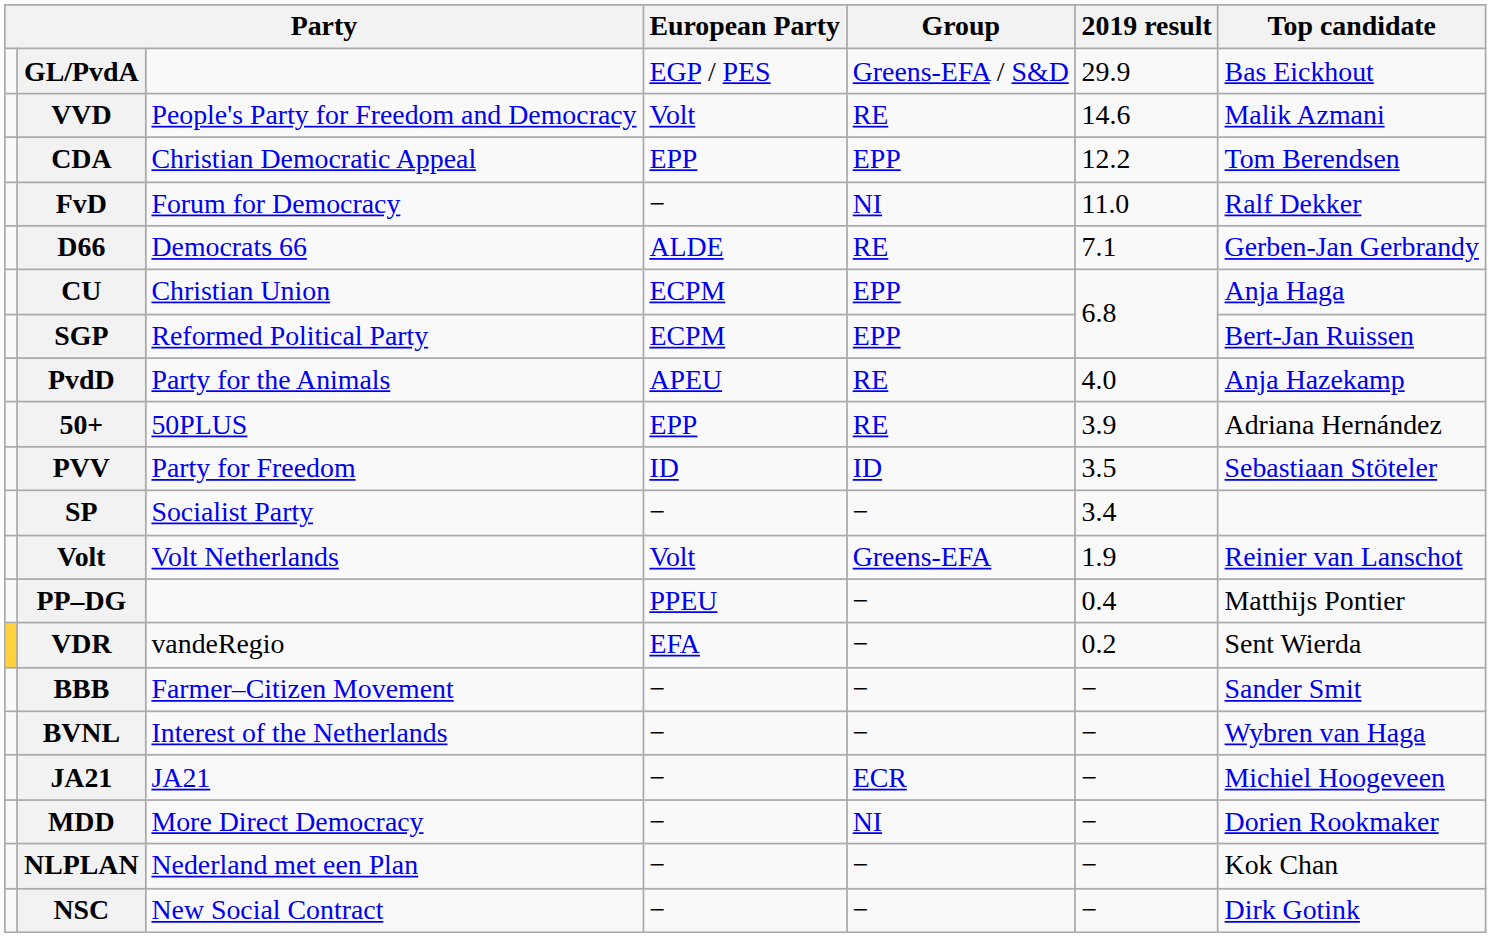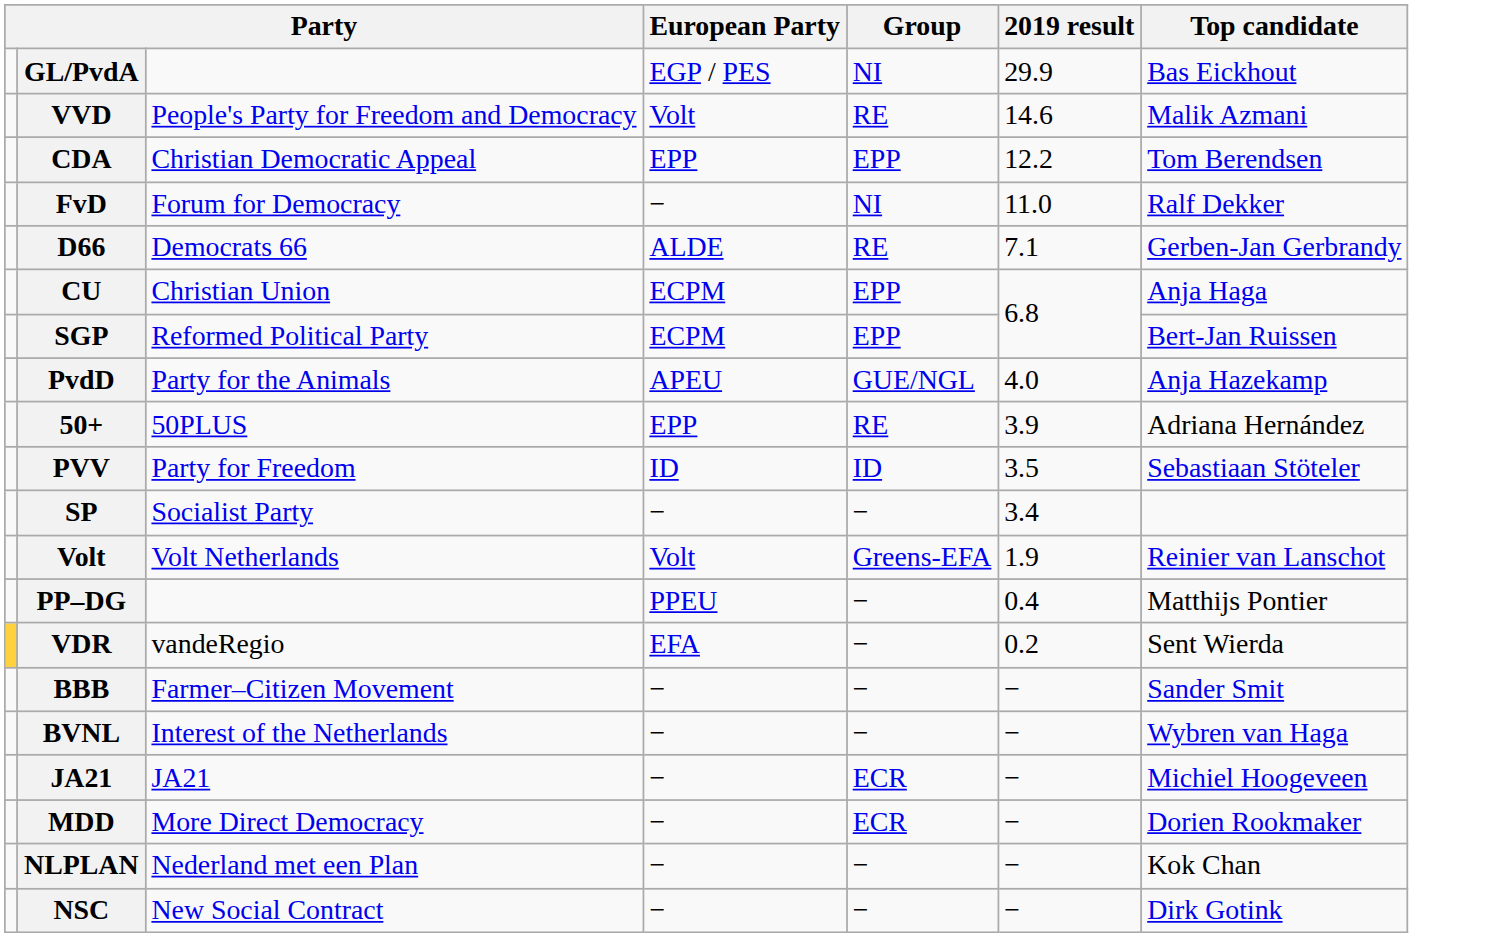 <table class="wikitable">
 <tr>
 <th scope="colgroup" colspan="3">Party</th>
 <th scope="col">European Party</th>
 <th scope="col">Group</th>
 <th scope="col">2019 result</th>
 <th scope="col">Top candidate</th>
 </tr>
 <tr>
 <td style="background:"></td>
 <th scope="row">GL/PvdA</th>
 <td></td>
 <td><a href='#'>EGP</a> / <a href='#'>PES</a></td>
-<td><a href='#'>Greens-EFA</a> / <a href='#'>S&D</a></td>
+<td><a href='#'>NI</a></td>
 <td>29.9</td>
 <td><a href='#'>Bas Eickhout</a></td>
 </tr>
 <tr>
 <td style="background:"></td>
 <th scope="row">VVD</th>
 <td><a href='#'>People's Party for Freedom and Democracy</a></td>
 <td><a href='#'>Volt</a></td>
 <td><a href='#'>RE</a></td>
 <td>14.6</td>
 <td><a href='#'>Malik Azmani</a></td>
 </tr>
 <tr>
 <td style="background:"></td>
 <th scope="row">CDA</th>
 <td><a href='#'>Christian Democratic Appeal</a></td>
 <td><a href='#'>EPP</a></td>
 <td><a href='#'>EPP</a></td>
 <td>12.2</td>
 <td><a href='#'>Tom Berendsen</a></td>
 </tr>
 <tr>
 <td style="background:"></td>
 <th scope="row">FvD</th>
 <td><a href='#'>Forum for Democracy</a></td>
 <td>−</td>
 <td><a href='#'>NI</a></td>
 <td>11.0</td>
 <td><a href='#'>Ralf Dekker</a></td>
 </tr>
 <tr>
 <td style="background:"></td>
 <th scope="row">D66</th>
 <td><a href='#'>Democrats 66</a></td>
 <td><a href='#'>ALDE</a></td>
 <td><a href='#'>RE</a></td>
 <td>7.1</td>
 <td><a href='#'>Gerben-Jan Gerbrandy</a></td>
 </tr>
 <tr>
 <td style="background:"></td>
 <th scope="row">CU</th>
 <td><a href='#'>Christian Union</a></td>
 <td><a href='#'>ECPM</a></td>
 <td><a href='#'>EPP</a></td>
 <td rowspan=2>6.8</td>
 <td><a href='#'>Anja Haga</a></td>
 </tr>
 <tr>
 <td style="background:"></td>
 <th scope="row">SGP</th>
 <td><a href='#'>Reformed Political Party</a></td>
 <td><a href='#'>ECPM</a></td>
 <td><a href='#'>EPP</a></td>
 <td><a href='#'>Bert-Jan Ruissen</a></td>
 </tr>
 <tr>
 <td style="background:"></td>
 <th scope="row">PvdD</th>
 <td><a href='#'>Party for the Animals</a></td>
 <td><a href='#'>APEU</a></td>
-<td><a href='#'>RE</a></td>
+<td><a href='#'>GUE/NGL</a></td>
 <td>4.0</td>
 <td><a href='#'>Anja Hazekamp</a></td>
 </tr>
 <tr>
 <td style="background:"></td>
 <th scope="row">50+</th>
 <td><a href='#'>50PLUS</a></td>
 <td><a href='#'>EPP</a></td>
 <td><a href='#'>RE</a></td>
 <td>3.9</td>
 <td>Adriana Hernández</td>
 </tr>
 <tr>
 <td style="background:"></td>
 <th scope="row">PVV</th>
 <td><a href='#'>Party for Freedom</a></td>
 <td><a href='#'>ID</a></td>
 <td><a href='#'>ID</a></td>
 <td>3.5</td>
 <td><a href='#'>Sebastiaan Stöteler</a></td>
 </tr>
 <tr>
 <td style="background:"></td>
 <th scope="row">SP</th>
 <td><a href='#'>Socialist Party</a></td>
 <td>−</td>
 <td>−</td>
 <td>3.4</td>
 <td></td>
 </tr>
 <tr>
 <td style="background:"></td>
 <th scope="row">Volt</th>
 <td><a href='#'>Volt Netherlands</a></td>
 <td><a href='#'>Volt</a></td>
 <td><a href='#'>Greens-EFA</a></td>
 <td>1.9</td>
 <td><a href='#'>Reinier van Lanschot</a></td>
 </tr>
 <tr>
 <td style="background:"></td>
 <th scope="row">PP–DG</th>
 <td></td>
 <td><a href='#'>PPEU</a></td>
 <td>−</td>
 <td>0.4</td>
 <td>Matthijs Pontier</td>
 </tr>
 <tr>
 <td style="background:#FFD13C;"></td>
 <th scope="row">VDR</th>
 <td>vandeRegio</td>
 <td><a href='#'>EFA</a></td>
 <td>−</td>
 <td>0.2</td>
 <td>Sent Wierda</td>
 </tr>
 <tr>
 <td style="background:"></td>
 <th scope="row">BBB</th>
 <td><a href='#'>Farmer–Citizen Movement</a></td>
 <td>−</td>
 <td>−</td>
 <td>−</td>
 <td><a href='#'>Sander Smit</a></td>
 </tr>
 <tr>
 <td style="background:"></td>
 <th scope="row">BVNL</th>
 <td><a href='#'>Interest of the Netherlands</a></td>
 <td>−</td>
 <td>−</td>
 <td>−</td>
 <td><a href='#'>Wybren van Haga</a></td>
 </tr>
 <tr>
 <td style="background:"></td>
 <th scope="row">JA21</th>
 <td><a href='#'>JA21</a></td>
 <td>−</td>
 <td><a href='#'>ECR</a></td>
 <td>−</td>
 <td><a href='#'>Michiel Hoogeveen</a></td>
 </tr>
 <tr>
 <td style="background:"></td>
 <th scope="row">MDD</th>
 <td><a href='#'>More Direct Democracy</a></td>
 <td>−</td>
-<td><a href='#'>NI</a></td>
+<td><a href='#'>ECR</a></td>
 <td>−</td>
 <td><a href='#'>Dorien Rookmaker</a></td>
 </tr>
 <tr>
 <td style="background:"></td>
 <th scope="row">NLPLAN</th>
 <td><a href='#'>Nederland met een Plan</a></td>
 <td>−</td>
 <td>−</td>
 <td>−</td>
 <td>Kok Chan</td>
 </tr>
 <tr>
 <td style="background:"></td>
 <th scope="row">NSC</th>
 <td><a href='#'>New Social Contract</a></td>
 <td>−</td>
 <td>−</td>
 <td>−</td>
 <td><a href='#'>Dirk Gotink</a></td>
 </tr>
 </table>
